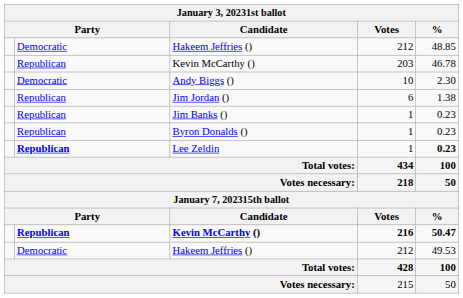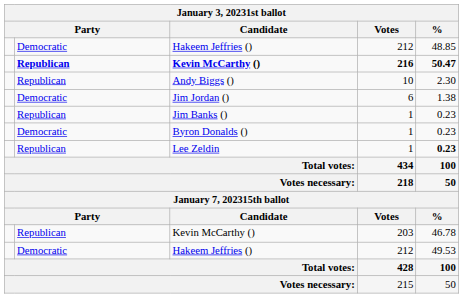 <table class="wikitable">
 <tr>
 <th colspan=5 style="font-size:95%">January 3, 20231st ballot</th>
 </tr>
 <tr>
 <th scope="col" colspan="2" style="width: 15em">Party</th>
 <th scope="col" style="width: 17em">Candidate</th>
 <th scope="col" style="width: 5em">Votes</th>
 <th scope="col" style="width: 3.5em">%</th>
 </tr>
 <tr>
 <td style="width: 0.5em; background:"></td>
 <td><a href='#'>Democratic</a></td>
 <td><a href='#'>Hakeem Jeffries</a> ()</td>
 <td style="text-align:right">212</td>
 <td style="text-align:right">48.85</td>
 </tr>
 <tr>
 <td style="background:"></td>
-<td><a href='#'>Republican</a></td>
-<td>Kevin McCarthy ()</td>
-<td style="text-align:right">203</td>
-<td style="text-align:right">46.78</td>
+<td><strong><a href='#'>Republican</a></strong></td>
+<td><strong><a href='#'>Kevin McCarthy</a> ()</strong></td>
+<td style="text-align:right"><strong>216</strong></td>
+<td style="text-align:right"><strong>50.47</strong></td>
 </tr>
 <tr>
 <td style="background:"></td>
-<td><a href='#'>Democratic</a></td>
+<td><a href='#'>Republican</a></td>
 <td><a href='#'>Andy Biggs</a> ()</td>
 <td style="text-align:right">10</td>
 <td style="text-align:right">2.30</td>
 </tr>
 <tr>
 <td style="background:"></td>
-<td><a href='#'>Republican</a></td>
+<td><a href='#'>Democratic</a></td>
 <td><a href='#'>Jim Jordan</a> ()</td>
 <td style="text-align:right">6</td>
 <td style="text-align:right">1.38</td>
 </tr>
 <tr>
 <td style="background:"></td>
 <td><a href='#'>Republican</a></td>
 <td><a href='#'>Jim Banks</a> ()</td>
 <td style="text-align:right">1</td>
 <td style="text-align:right">0.23</td>
 </tr>
 <tr>
 <td style="background:"></td>
-<td><a href='#'>Republican</a></td>
+<td><a href='#'>Democratic</a></td>
 <td><a href='#'>Byron Donalds</a> ()</td>
 <td style="text-align:right">1</td>
 <td style="text-align:right">0.23</td>
 </tr>
 <tr>
 <td style="background:"></td>
-<td><strong><a href='#'>Republican</a></strong></td>
+<td><a href='#'>Republican</a></td>
 <td><a href='#'>Lee Zeldin</a></td>
 <td style="text-align:right">1</td>
 <td style="text-align:right"><strong>0.23</strong></td>
 </tr>
 <tr>
 <th colspan=3 style="text-align:right">Total votes:</th>
 <td style="text-align:right; background:#f5f5f5"><strong>434</strong></td>
 <td style="text-align:right; background:#f5f5f5"><strong>100</strong></td>
 </tr>
 <tr>
 <th colspan=3 style="text-align:right">Votes necessary:</th>
 <td style="text-align:right; background:#f5f5f5"><strong>218</strong></td>
 <td style="text-align:right; background:#f5f5f5"><strong>50</strong></td>
 </tr>
 <tr>
 <th colspan=5 style="font-size:95%">January 7, 202315th ballot</th>
 </tr>
 <tr>
 <th scope="col" colspan="2" style="width: 15em">Party</th>
 <th scope="col" style="width: 17em">Candidate</th>
 <th scope="col" style="width: 5em">Votes</th>
 <th scope="col" style="width: 3.5em">%</th>
 </tr>
 <tr>
 <td style="background:"></td>
-<td><strong><a href='#'>Republican</a></strong></td>
-<td><strong><a href='#'>Kevin McCarthy</a> ()</strong></td>
-<td style="text-align:right"><strong>216</strong></td>
-<td style="text-align:right"><strong>50.47</strong></td>
+<td><a href='#'>Republican</a></td>
+<td>Kevin McCarthy ()</td>
+<td style="text-align:right">203</td>
+<td style="text-align:right">46.78</td>
 </tr>
 <tr>
 <td style="background:"></td>
 <td><a href='#'>Democratic</a></td>
 <td><a href='#'>Hakeem Jeffries</a> ()</td>
 <td style="text-align:right">212</td>
 <td style="text-align:right">49.53</td>
 </tr>
 <tr>
 <th colspan=3 style="text-align:right">Total votes:</th>
 <td style="text-align:right; background:#f5f5f5"><strong>428</strong></td>
 <td style="text-align:right; background:#f5f5f5"><strong>100</strong></td>
 </tr>
 <tr>
 <th colspan=3 style="text-align:right">Votes necessary:</th>
 <td style="text-align:right; background:#f5f5f5">215</td>
 <td style="text-align:right; background:#f5f5f5">50</td>
 </tr>
 </table>
